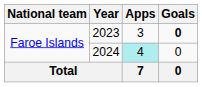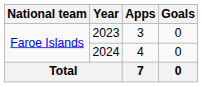 <table class="wikitable" style="text-align: center;">
 <tr>
 <th>National team</th>
 <th>Year</th>
 <th>Apps</th>
 <th>Goals</th>
 </tr>
 <tr>
 <td rowspan="2"><a href='#'>Faroe Islands</a></td>
 <td>2023</td>
 <td>3</td>
-<td><strong>0</strong></td>
+<td>0</td>
 </tr>
 <tr>
 <td>2024</td>
-<td style="background: paleturquoise;">4</td>
+<td>4</td>
 <td>0</td>
 </tr>
 <tr>
 <th colspan="2">Total</th>
 <th>7</th>
 <th>0</th>
 </tr>
 </table>
